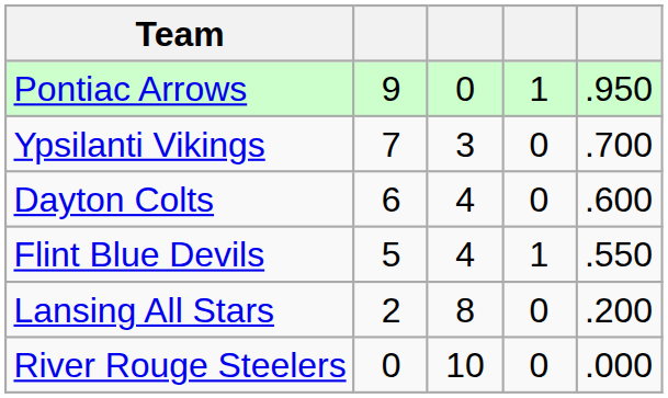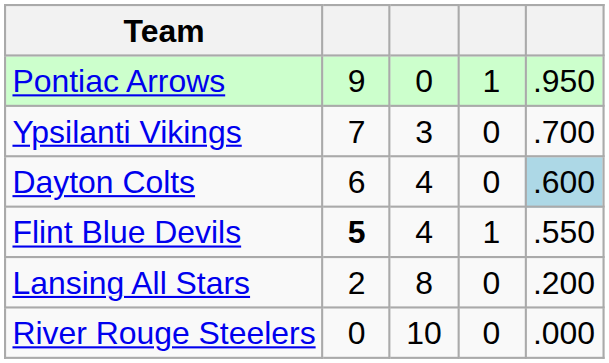 <table class="wikitable" style="font-size:95%; text-align:center">
 <tr>
 <th>Team</th>
 <th width="25"></th>
 <th width="25"></th>
 <th width="25"></th>
 <th width="30"></th>
 </tr>
 <tr style="background:#cfc;">
 <td style="text-align:left;"><a href='#'>Pontiac Arrows</a></td>
 <td>9</td>
 <td>0</td>
 <td>1</td>
 <td>.950</td>
 </tr>
 <tr>
 <td style="text-align:left;"><a href='#'>Ypsilanti Vikings</a></td>
 <td>7</td>
 <td>3</td>
 <td>0</td>
 <td>.700</td>
 </tr>
 <tr>
 <td style="text-align:left;"><a href='#'>Dayton Colts</a></td>
 <td>6</td>
 <td>4</td>
 <td>0</td>
-<td>.600</td>
+<td style="background: lightblue;">.600</td>
 </tr>
 <tr>
 <td style="text-align:left;"><a href='#'>Flint Blue Devils</a></td>
-<td>5</td>
+<td><strong>5</strong></td>
 <td>4</td>
 <td>1</td>
 <td>.550</td>
 </tr>
 <tr>
 <td style="text-align:left;"><a href='#'>Lansing All Stars</a></td>
 <td>2</td>
 <td>8</td>
 <td>0</td>
 <td>.200</td>
 </tr>
 <tr>
 <td style="text-align:left;"><a href='#'>River Rouge Steelers</a></td>
 <td>0</td>
 <td>10</td>
 <td>0</td>
 <td>.000</td>
 </tr>
 </table>
